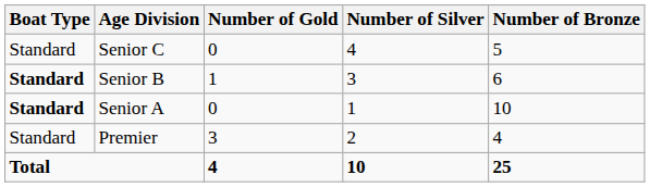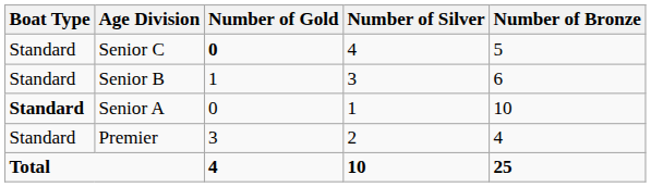 <table class="wikitable sortable">
 <tr>
 <th>Boat Type</th>
 <th>Age Division</th>
 <th>Number of Gold</th>
 <th>Number of Silver</th>
 <th>Number of Bronze</th>
 </tr>
 <tr>
 <td>Standard</td>
 <td>Senior C</td>
-<td>0</td>
+<td><strong>0</strong></td>
 <td>4</td>
 <td>5</td>
 </tr>
 <tr>
-<td><strong>Standard</strong></td>
+<td>Standard</td>
 <td>Senior B</td>
 <td>1</td>
 <td>3</td>
 <td>6</td>
 </tr>
 <tr>
 <td><strong>Standard</strong></td>
 <td>Senior A</td>
 <td>0</td>
 <td>1</td>
 <td>10</td>
 </tr>
 <tr>
 <td>Standard</td>
 <td>Premier</td>
 <td>3</td>
 <td>2</td>
 <td>4</td>
 </tr>
 <tr>
 <td colspan="2"><strong>Total</strong></td>
 <td><strong>4</strong></td>
 <td><strong>10</strong></td>
 <td><strong>25</strong></td>
 </tr>
 </table>
